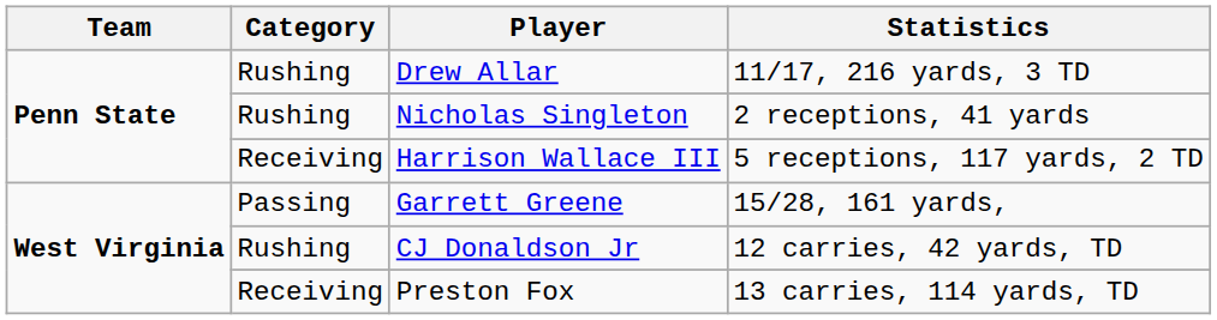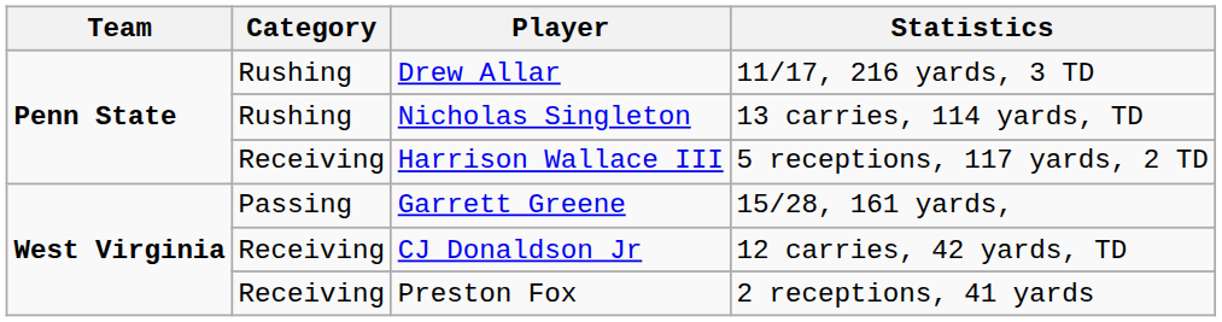 <table class="wikitable" style="float: right;">
 <tr>
 <th>Team</th>
 <th>Category</th>
 <th>Player</th>
 <th>Statistics</th>
 </tr>
 <tr>
 <td rowspan=3><strong>Penn State</strong></td>
 <td>Rushing</td>
 <td><a href='#'>Drew Allar</a></td>
 <td>11/17, 216 yards, 3 TD</td>
 </tr>
 <tr>
 <td>Rushing</td>
 <td><a href='#'>Nicholas Singleton</a></td>
-<td>2 receptions, 41 yards</td>
+<td>13 carries, 114 yards, TD</td>
 </tr>
 <tr>
 <td>Receiving</td>
 <td><a href='#'>Harrison Wallace III</a></td>
 <td>5 receptions, 117 yards, 2 TD</td>
 </tr>
 <tr>
 <td rowspan=3><strong>West Virginia</strong></td>
 <td>Passing</td>
 <td><a href='#'>Garrett Greene</a></td>
 <td>15/28, 161 yards,</td>
 </tr>
 <tr>
-<td>Rushing</td>
+<td>Receiving</td>
 <td><a href='#'>CJ Donaldson Jr</a></td>
 <td>12 carries, 42 yards, TD</td>
 </tr>
 <tr>
 <td>Receiving</td>
 <td>Preston Fox</td>
-<td>13 carries, 114 yards, TD</td>
+<td>2 receptions, 41 yards</td>
 </tr>
 </table>
